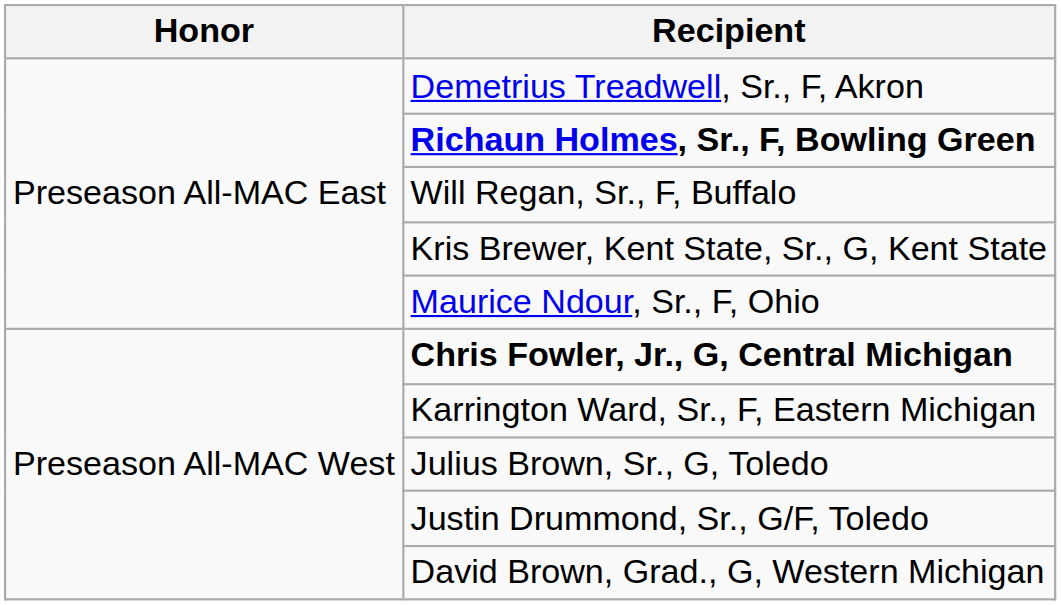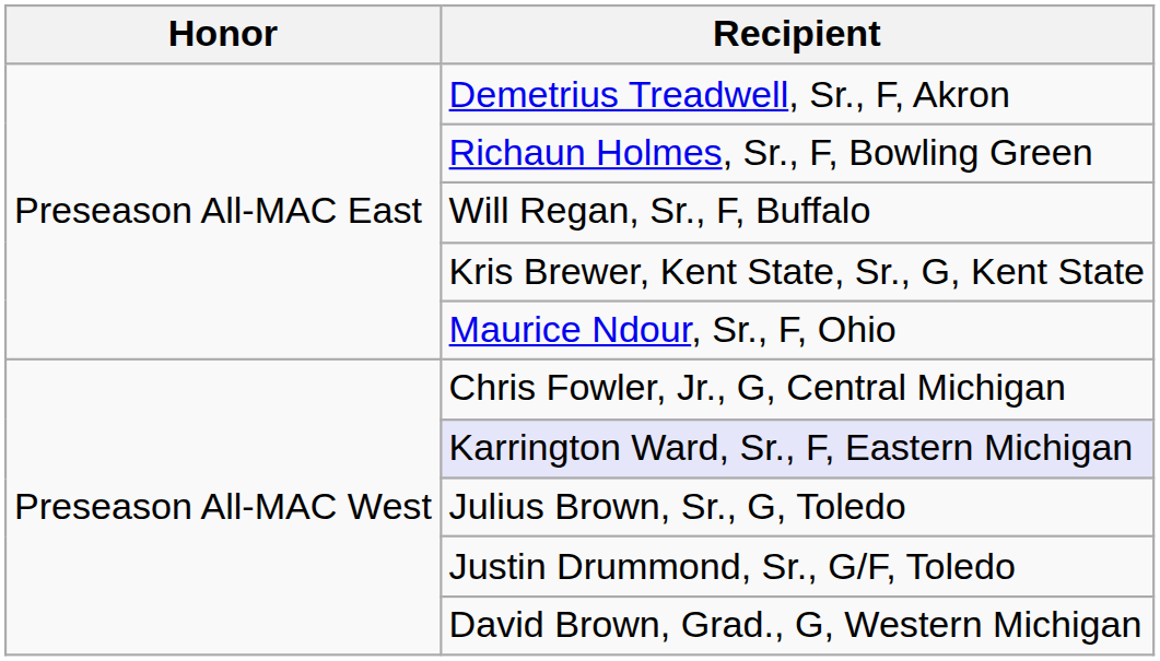 <table class="wikitable" border="1">
 <tr>
 <th>Honor</th>
 <th>Recipient</th>
 </tr>
 <tr>
 <td rowspan=5 valign=middle>Preseason All-MAC East</td>
 <td><a href='#'>Demetrius Treadwell</a>, Sr., F, Akron</td>
 </tr>
 <tr>
-<td><strong><a href='#'>Richaun Holmes</a>, Sr., F, Bowling Green</strong></td>
+<td><a href='#'>Richaun Holmes</a>, Sr., F, Bowling Green</td>
 </tr>
 <tr>
 <td>Will Regan, Sr., F, Buffalo</td>
 </tr>
 <tr>
 <td>Kris Brewer, Kent State, Sr., G, Kent State</td>
 </tr>
 <tr>
 <td><a href='#'>Maurice Ndour</a>, Sr., F, Ohio</td>
 </tr>
 <tr>
 <td rowspan=5 valign=middle>Preseason All-MAC West</td>
-<td><strong>Chris Fowler, Jr., G, Central Michigan</strong></td>
+<td>Chris Fowler, Jr., G, Central Michigan</td>
 </tr>
 <tr>
-<td>Karrington Ward, Sr., F, Eastern Michigan</td>
+<td style="background: lavender;">Karrington Ward, Sr., F, Eastern Michigan</td>
 </tr>
 <tr>
 <td>Julius Brown, Sr., G, Toledo</td>
 </tr>
 <tr>
 <td>Justin Drummond, Sr., G/F, Toledo</td>
 </tr>
 <tr>
 <td>David Brown, Grad., G, Western Michigan</td>
 </tr>
 </table>
